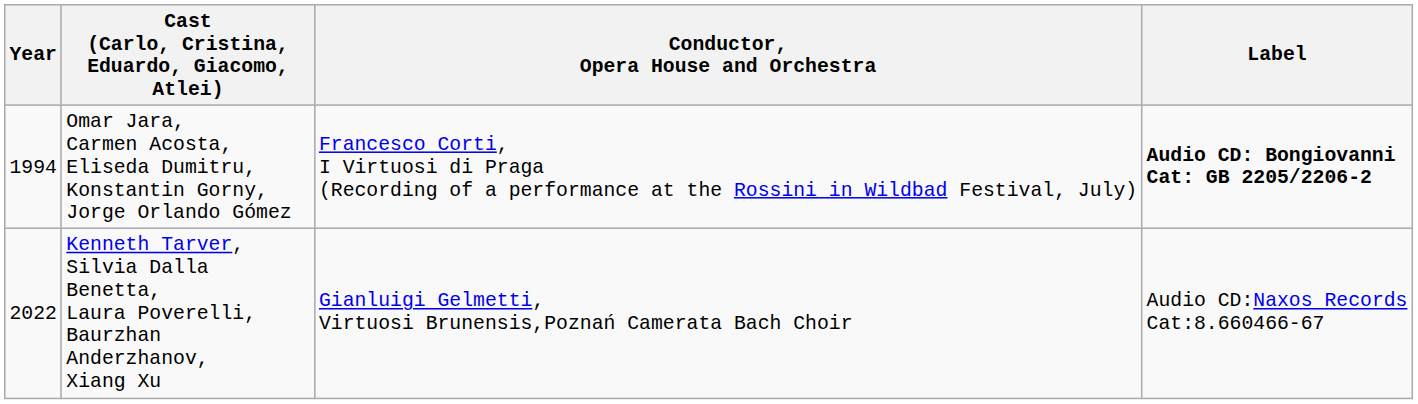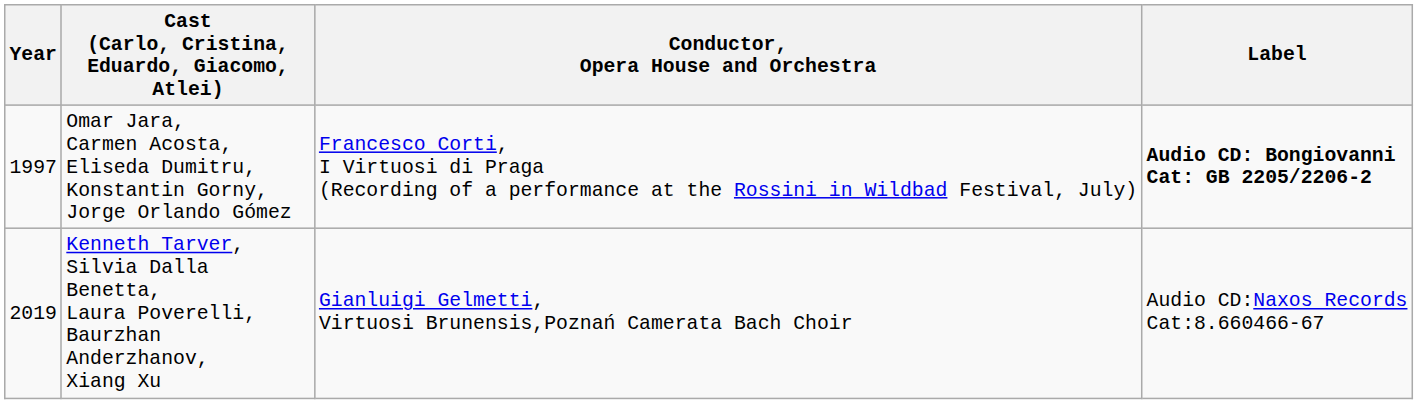 <table class="wikitable">
 <tr>
 <th>Year</th>
 <th width="160">Cast<br>(Carlo, Cristina, Eduardo, Giacomo, Atlei)</th>
 <th>Conductor,<br>Opera House and Orchestra</th>
 <th>Label</th>
 </tr>
 <tr>
-<td>1994</td>
+<td>1997</td>
 <td>Omar Jara, <br> Carmen Acosta,<br> Eliseda Dumitru,<br> Konstantin Gorny,<br> Jorge Orlando Gómez</td>
 <td><a href='#'>Francesco Corti</a>,<br>I Virtuosi di Praga<br>(Recording of a performance at the <a href='#'>Rossini in Wildbad</a> Festival, July)</td>
 <td><strong>Audio CD: Bongiovanni<br>Cat: GB 2205/2206-2</strong></td>
 </tr>
 <tr>
-<td>2022</td>
+<td>2019</td>
 <td><a href='#'>Kenneth Tarver</a>, <br>Silvia Dalla Benetta,<br>Laura Poverelli,<br>Baurzhan Anderzhanov,<br>Xiang Xu</td>
 <td><a href='#'>Gianluigi Gelmetti</a>,<br> Virtuosi Brunensis,Poznań Camerata Bach Choir</td>
 <td>Audio CD:<a href='#'>Naxos Records</a><br>Cat:8.660466-67</td>
 </tr>
 </table>
